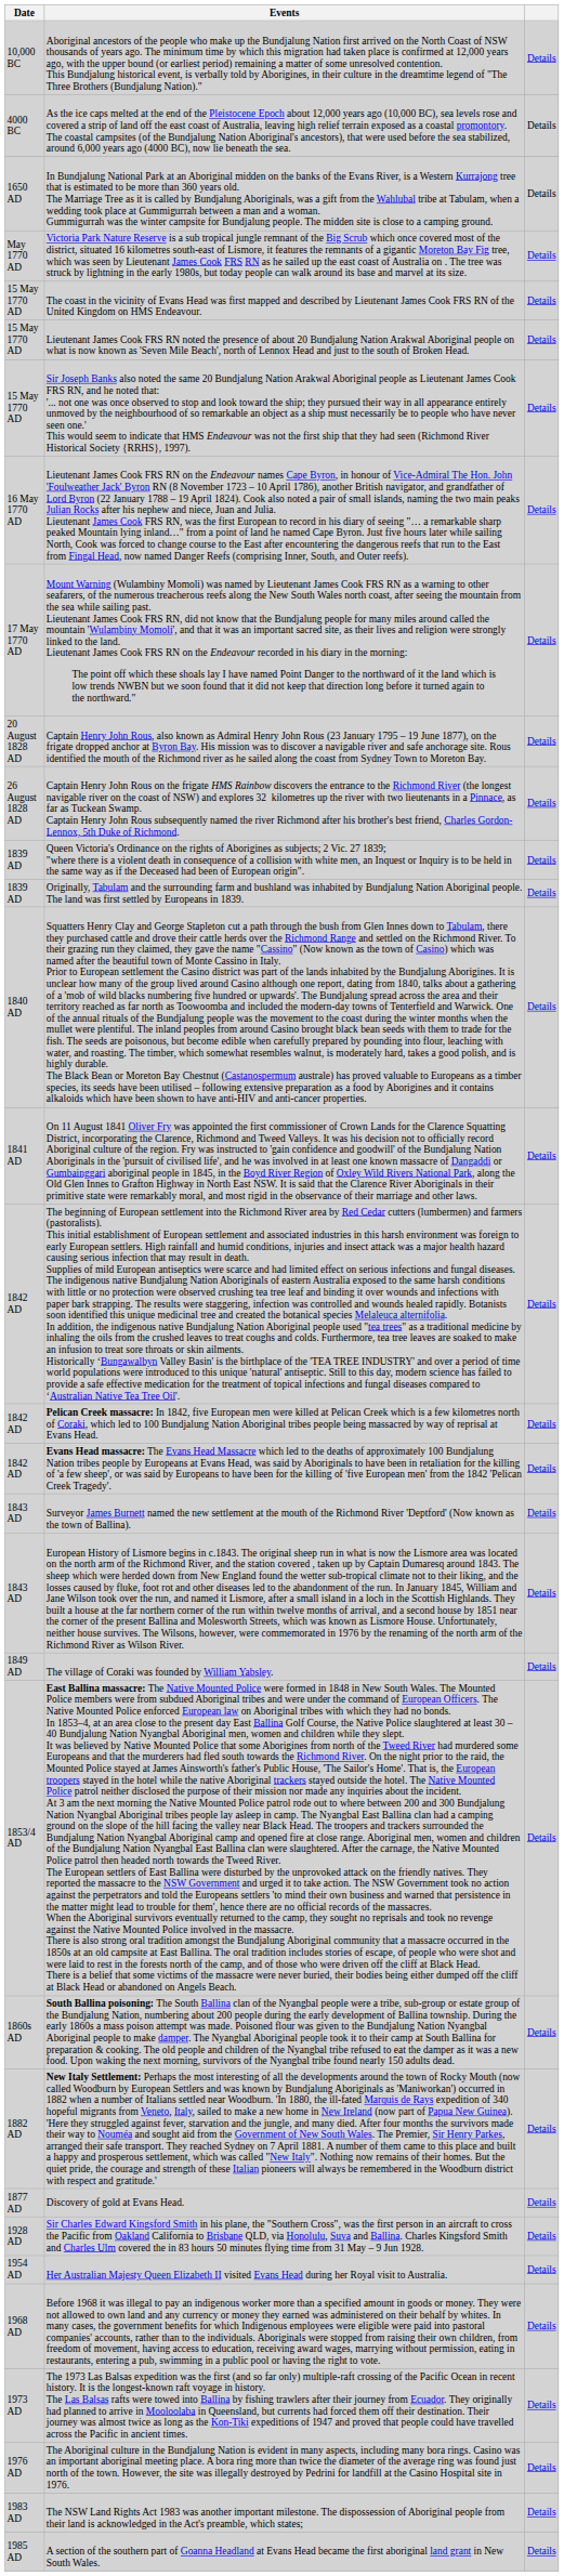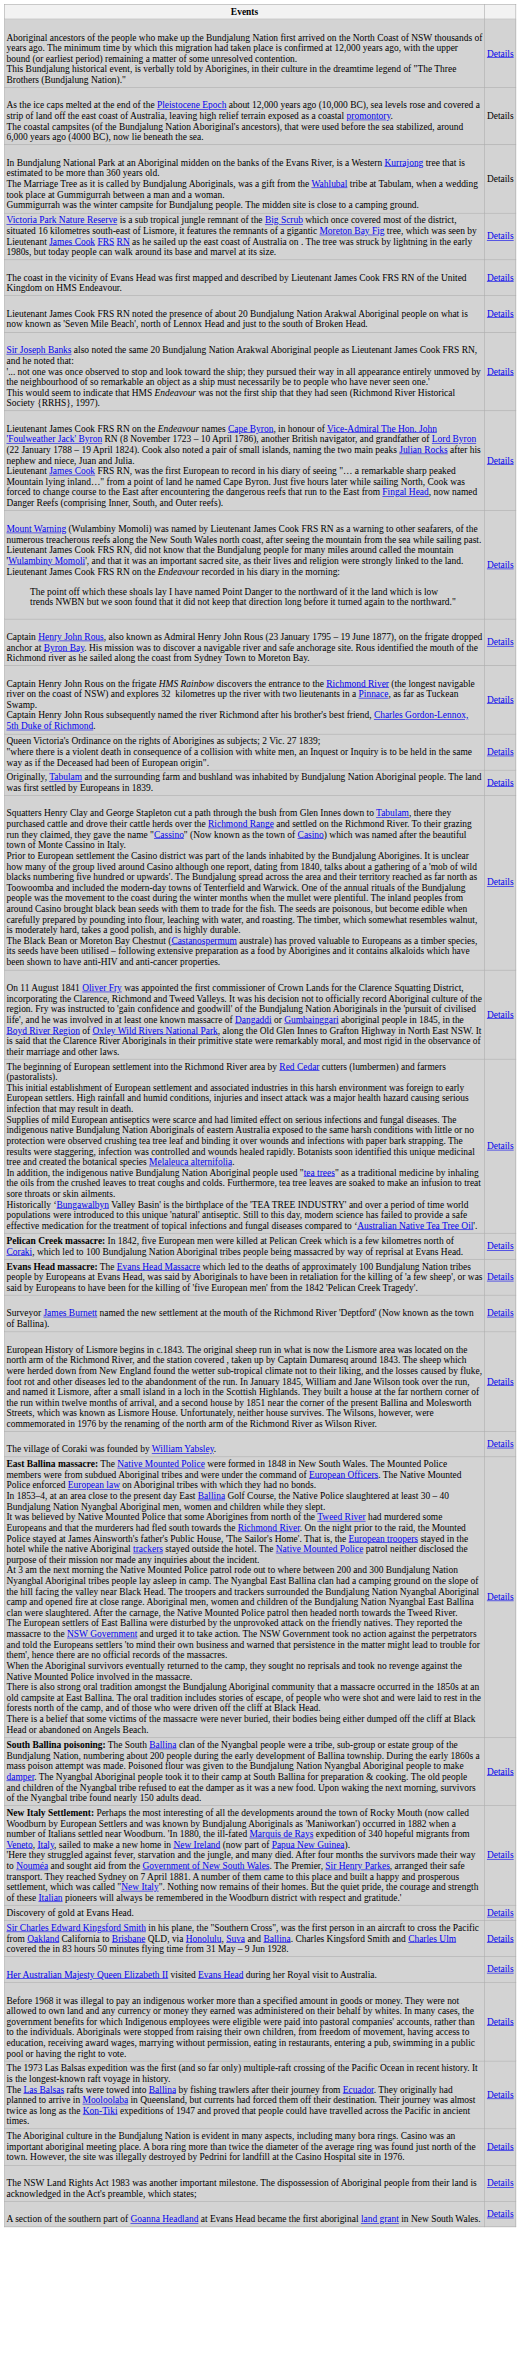 <table class="wikitable">
 <tr>
-<th>Date</th>
 <th>Events</th>
 <th></th>
 </tr>
 <tr style="background:lightgrey">
-<td>10,000 BC</td>
 <td><br>Aboriginal ancestors of the people who make up the Bundjalung Nation first arrived on the North Coast of NSW thousands of years ago. The minimum time by which this migration had taken place is confirmed at 12,000 years ago, with the upper bound (or earliest period) remaining a matter of some unresolved contention.<br>This Bundjalung historical event, is verbally told by Aborigines, in their culture in the dreamtime legend of "The Three Brothers (Bundjalung Nation)."</td>
 <td><a href='#'>Details</a></td>
 </tr>
 <tr style="background:lightgrey">
-<td>4000 BC</td>
 <td><br>As the ice caps melted at the end of the <a href='#'>Pleistocene Epoch</a> about 12,000 years ago (10,000 BC), sea levels rose and covered a strip of land off the east coast of Australia, leaving high relief terrain exposed as a coastal <a href='#'>promontory</a>.<br>The coastal campsites (of the Bundjalung Nation Aboriginal's ancestors), that were used before the sea stabilized, around 6,000 years ago (4000 BC), now lie beneath the sea.</td>
 <td>Details</td>
 </tr>
 <tr style="background:lightgrey">
-<td>1650 AD</td>
 <td><br>In Bundjalung National Park at an Aboriginal midden on the banks of the Evans River, is a Western <a href='#'>Kurrajong</a> tree that is estimated to be more than 360 years old.<br>The Marriage Tree as it is called by Bundjalung Aboriginals, was a gift from the <a href='#'>Wahlubal</a> tribe at Tabulam, when a wedding took place at Gummigurrah between a man and a woman.<br>Gummigurrah was the winter campsite for Bundjalung people. The midden site is close to a camping ground.</td>
 <td>Details</td>
 </tr>
 <tr style="background:lightgrey">
-<td>May 1770 AD</td>
 <td><a href='#'>Victoria Park Nature Reserve</a> is a  sub tropical jungle remnant of the <a href='#'>Big Scrub</a> which once covered most of the district, situated 16 kilometres south-east of Lismore, it features the remnants of a gigantic <a href='#'>Moreton Bay Fig</a> tree, which was seen by Lieutenant <a href='#'>James Cook</a> <a href='#'>FRS</a> <a href='#'>RN</a> as he sailed up the east coast of Australia on . The tree was struck by lightning in the early 1980s, but today people can walk around its base and marvel at its size.</td>
 <td><a href='#'>Details</a></td>
 </tr>
 <tr style="background:lightgrey">
-<td>15 May 1770 AD</td>
 <td><br>The coast in the vicinity of Evans Head was first mapped and described by Lieutenant James Cook FRS RN of the United Kingdom on HMS Endeavour.</td>
 <td><a href='#'>Details</a></td>
 </tr>
 <tr style="background:lightgrey">
-<td>15 May 1770 AD</td>
 <td><br>Lieutenant James Cook FRS RN noted the presence of about 20 Bundjalung Nation Arakwal Aboriginal people on what is now known as 'Seven Mile Beach', north of Lennox Head and just to the south of Broken Head.</td>
 <td><a href='#'>Details</a></td>
 </tr>
 <tr style="background:lightgrey">
-<td>15 May 1770 AD</td>
 <td><br><a href='#'>Sir Joseph Banks</a> also noted the same 20 Bundjalung Nation Arakwal Aboriginal people as Lieutenant James Cook FRS RN, and he noted that:<br>'... not one was once observed to stop and look toward the ship; they pursued their way in all appearance entirely unmoved by the neighbourhood of so remarkable an object as a ship must necessarily be to people who have never seen one.'<br>This would seem to indicate that HMS <em>Endeavour</em> was not the first ship that they had seen (Richmond River Historical Society {RRHS}, 1997).</td>
 <td><a href='#'>Details</a></td>
 </tr>
 <tr style="background:lightgrey">
-<td>16 May 1770 AD</td>
 <td><br>Lieutenant James Cook FRS RN on the <em>Endeavour</em> names <a href='#'>Cape Byron</a>, in honour of <a href='#'>Vice-Admiral The Hon. John 'Foulweather Jack' Byron</a> RN (8 November 1723 – 10 April 1786), another British navigator, and grandfather of <a href='#'>Lord Byron</a> (22 January 1788 – 19 April 1824). Cook also noted a pair of small islands, naming the two main peaks <a href='#'>Julian Rocks</a> after his nephew and niece, Juan and Julia.<br>Lieutenant <a href='#'>James Cook</a> FRS RN, was the first European to record in his diary of seeing "… a remarkable sharp peaked Mountain lying inland…" from a point of land he named Cape Byron. Just five hours later while sailing North, Cook was forced to change course to the East after encountering the dangerous reefs that run  to the East from <a href='#'>Fingal Head</a>, now named Danger Reefs (comprising Inner, South, and Outer reefs).</td>
 <td><a href='#'>Details</a></td>
 </tr>
 <tr style="background:lightgrey">
-<td>17 May 1770 AD</td>
 <td><br><a href='#'>Mount Warning</a> (Wulambiny Momoli) was named by Lieutenant James Cook FRS RN as a warning to other seafarers, of the numerous treacherous reefs along the New South Wales north coast, after seeing the mountain from the sea while sailing past.<br>Lieutenant James Cook FRS RN, did not know that the Bundjalung people for many miles around called the mountain '<a href='#'>Wulambiny Momoli</a>', and that it was an important sacred site, as their lives and religion were strongly linked to the land.<br>Lieutenant James Cook FRS RN on the <em>Endeavour</em> recorded in his diary in the morning:<br><blockquote>The point off which these shoals lay I have named Point Danger to the northward of it the land which is low trends NWBN but we soon found that it did not keep that direction long before it turned again to the northward."</blockquote></td>
 <td><a href='#'>Details</a></td>
 </tr>
 <tr style="background:lightgrey">
-<td>20 August 1828 AD</td>
 <td><br>Captain <a href='#'>Henry John Rous</a>, also known as Admiral Henry John Rous (23 January 1795 – 19 June 1877), on the frigate  dropped anchor at <a href='#'>Byron Bay</a>. His mission was to discover a navigable river and safe anchorage site. Rous identified the mouth of the Richmond river as he sailed along the coast from Sydney Town to Moreton Bay.</td>
 <td><a href='#'>Details</a></td>
 </tr>
 <tr style="background:lightgrey">
-<td>26 August 1828 AD</td>
 <td><br>Captain Henry John Rous on the frigate <em>HMS Rainbow</em> discovers the entrance to the <a href='#'>Richmond River</a> (the longest navigable river on the coast of NSW) and explores 32  kilometres up the river with two lieutenants in a <a href='#'>Pinnace</a>, as far as Tuckean Swamp.<br>Captain Henry John Rous subsequently named the river Richmond after his brother's best friend, <a href='#'>Charles Gordon-Lennox, 5th Duke of Richmond</a>.</td>
 <td><a href='#'>Details</a></td>
 </tr>
 <tr style="background:lightgrey">
-<td>1839 AD</td>
 <td> Queen Victoria's Ordinance on the rights of Aborigines as subjects; 2 Vic. 27 1839;<br>"where there is a violent death in consequence of a collision with white men, an Inquest or Inquiry is to be held in the same way as if the Deceased had been of European origin".</td>
 <td><a href='#'>Details</a></td>
 </tr>
 <tr style="background:lightgrey">
-<td>1839 AD</td>
 <td>Originally, <a href='#'>Tabulam</a> and the surrounding farm and bushland was inhabited by Bundjalung Nation Aboriginal people. The land was first settled by Europeans in 1839.</td>
 <td><a href='#'>Details</a></td>
 </tr>
 <tr style="background:lightgrey">
-<td>1840 AD</td>
 <td><br>Squatters Henry Clay and George Stapleton cut a path through the bush from Glen Innes down to <a href='#'>Tabulam</a>, there they purchased cattle and drove their cattle herds over the <a href='#'>Richmond Range</a> and settled on the Richmond River. To their  grazing run they claimed, they gave the name "<a href='#'>Cassino</a>" (Now known as the town of <a href='#'>Casino</a>) which was named after the beautiful town of Monte Cassino in Italy.<br>Prior to European settlement the Casino district was part of the lands inhabited by the Bundjalung Aborigines. It is unclear how many of the group lived around Casino although one report, dating from 1840, talks about a gathering of a 'mob of wild blacks numbering five hundred or upwards'. The Bundjalung spread across the area and their territory reached as far north as Toowoomba and included the modern-day towns of Tenterfield and Warwick. One of the annual rituals of the Bundjalung people was the movement to the coast during the winter months when the mullet were plentiful. The inland peoples from around Casino brought black bean seeds with them to trade for the fish. The seeds are poisonous, but become edible when carefully prepared by pounding into flour, leaching with water, and roasting. The timber, which somewhat resembles walnut, is moderately hard, takes a good polish, and is highly durable.<br>The Black Bean or Moreton Bay Chestnut (<a href='#'>Castanospermum</a> australe) has proved valuable to Europeans as a timber species, its seeds have been utilised – following extensive preparation as a food by Aborigines and it contains alkaloids which have been shown to have anti-HIV and anti-cancer properties.</td>
 <td><a href='#'>Details</a></td>
 </tr>
 <tr style="background:lightgrey">
-<td>1841 AD</td>
 <td><br>On 11 August 1841 <a href='#'>Oliver Fry</a> was appointed the first commissioner of Crown Lands for the Clarence Squatting District, incorporating the Clarence, Richmond and Tweed Valleys. It was his decision not to officially record Aboriginal culture of the region. Fry was instructed to 'gain confidence and goodwill' of the Bundjalung Nation Aboriginals in the 'pursuit of civilised life', and he was involved in at least one known massacre of <a href='#'>Dangaddi</a> or <a href='#'>Gumbainggari</a> aboriginal people in 1845, in the <a href='#'>Boyd River Region</a> of <a href='#'>Oxley Wild Rivers National Park</a>, along the Old Glen Innes to Grafton Highway in North East NSW. It is said that the Clarence River Aboriginals in their primitive state were remarkably moral, and most rigid in the observance of their marriage and other laws.</td>
 <td><a href='#'>Details</a></td>
 </tr>
 <tr style="background:lightgrey">
-<td>1842 AD</td>
 <td>The beginning of European settlement into the Richmond River area by <a href='#'>Red Cedar</a> cutters (lumbermen) and farmers (pastoralists).<br> This initial establishment of European settlement and associated industries in this harsh environment was foreign to early European settlers. High rainfall and humid conditions, injuries and insect attack was a major health hazard causing serious infection that may result in death.<br>Supplies of mild European antiseptics were scarce and had limited effect on serious infections and fungal diseases. The indigenous native Bundjalung Nation Aboriginals of eastern Australia exposed to the same harsh conditions with little or no protection were observed crushing tea tree leaf and binding it over wounds and infections with paper bark strapping. The results were staggering, infection was controlled and wounds healed rapidly. Botanists soon identified this unique medicinal tree and created the botanical species <a href='#'>Melaleuca alternifolia</a>.<br>In addition, the indigenous native Bundjalung Nation Aboriginal people used "<a href='#'>tea trees</a>" as a traditional medicine by inhaling the oils from the crushed leaves to treat coughs and colds. Furthermore, tea tree leaves are soaked to make an infusion to treat sore throats or skin ailments.<br>Historically ‘<a href='#'>Bungawalbyn</a> Valley Basin' is the birthplace of the 'TEA TREE INDUSTRY' and over a period of time world populations were introduced to this unique 'natural' antiseptic. Still to this day, modern science has failed to provide a safe effective medication for the treatment of topical infections and fungal diseases compared to ‘<a href='#'>Australian Native Tea Tree Oil</a>'.</td>
 <td><a href='#'>Details</a></td>
 </tr>
 <tr style="background:lightgrey">
-<td>1842 AD</td>
 <td><strong>Pelican Creek massacre:</strong> In 1842, five European men were killed at Pelican Creek which is a few kilometres north of <a href='#'>Coraki</a>, which led to 100 Bundjalung Nation Aboriginal tribes people being massacred by way of reprisal at Evans Head.</td>
 <td><a href='#'>Details</a></td>
 </tr>
 <tr style="background:lightgrey">
-<td>1842 AD</td>
 <td><strong>Evans Head massacre:</strong> The <a href='#'>Evans Head Massacre</a> which led to the deaths of approximately 100 Bundjalung Nation tribes people by Europeans at Evans Head, was said by Aboriginals to have been in retaliation for the killing of 'a few sheep', or was said by Europeans to have been for the killing of 'five European men' from the 1842 'Pelican Creek Tragedy'.</td>
 <td><a href='#'>Details</a></td>
 </tr>
 <tr style="background:lightgrey">
-<td>1843 AD</td>
 <td><br>Surveyor <a href='#'>James Burnett</a> named the new settlement at the mouth of the Richmond River 'Deptford' (Now known as the town of Ballina).</td>
 <td><a href='#'>Details</a></td>
 </tr>
 <tr style="background:lightgrey">
-<td>1843 AD</td>
 <td><br>European History of Lismore begins in c.1843. The original sheep run in what is now the Lismore area was located on the north arm of the Richmond River, and the station covered , taken up by Captain Dumaresq around 1843. The sheep which were herded down from New England found the wetter sub-tropical climate not to their liking, and the losses caused by fluke, foot rot and other diseases led to the abandonment of the run. In January 1845, William and Jane Wilson took over the run, and named it Lismore, after a small island in a loch in the Scottish Highlands. They built a house at the far northern corner of the run within twelve months of arrival, and a second house by 1851 near the corner of the present Ballina and Molesworth Streets, which was known as Lismore House. Unfortunately, neither house survives. The Wilsons, however, were commemorated in 1976 by the renaming of the north arm of the Richmond River as Wilson River.</td>
 <td><a href='#'>Details</a></td>
 </tr>
 <tr style="background:lightgrey">
-<td>1849 AD</td>
 <td><br>The village of Coraki was founded by <a href='#'>William Yabsley</a>.</td>
 <td><a href='#'>Details</a></td>
 </tr>
 <tr style="background:lightgrey">
-<td>1853/4 AD</td>
 <td><strong>East Ballina massacre:</strong> The <a href='#'>Native Mounted Police</a> were formed in 1848 in New South Wales. The Mounted Police members were from subdued Aboriginal tribes and were under the command of <a href='#'>European Officers</a>. The Native Mounted Police enforced <a href='#'>European law</a> on Aboriginal tribes with which they had no bonds.<br>In 1853–4, at an area close to the present day East <a href='#'>Ballina</a> Golf Course, the Native Police slaughtered at least 30 – 40 Bundjalung Nation Nyangbal Aboriginal men, women and children while they slept.<br>It was believed by Native Mounted Police that some Aborigines from north of the <a href='#'>Tweed River</a> had murdered some Europeans and that the murderers had fled south towards the <a href='#'>Richmond River</a>. On the night prior to the raid, the Mounted Police stayed at James Ainsworth's father's Public House, 'The Sailor's Home'. That is, the <a href='#'>European troopers</a> stayed in the hotel while the native Aboriginal <a href='#'>trackers</a> stayed outside the hotel. The <a href='#'>Native Mounted Police</a> patrol neither disclosed the purpose of their mission nor made any inquiries about the incident.<br>At 3 am the next morning the Native Mounted Police patrol rode out to where between 200 and 300 Bundjalung Nation Nyangbal Aboriginal tribes people lay asleep in camp. The Nyangbal East Ballina clan had a camping ground on the slope of the hill facing the valley near Black Head. The troopers and trackers surrounded the Bundjalung Nation Nyangbal Aboriginal camp and opened fire at close range. Aboriginal men, women and children of the Bundjalung Nation Nyangbal East Ballina clan were slaughtered. After the carnage, the Native Mounted Police patrol then headed north towards the Tweed River.<br>The European settlers of East Ballina were disturbed by the unprovoked attack on the friendly natives. They reported the massacre to the <a href='#'>NSW Government</a> and urged it to take action. The NSW Government took no action against the perpetrators and told the Europeans settlers 'to mind their own business and warned that persistence in the matter might lead to trouble for them', hence there are no official records of the massacres.<br>When the Aboriginal survivors eventually returned to the camp, they sought no reprisals and took no revenge against the Native Mounted Police involved in the massacre.<br>There is also strong oral tradition amongst the Bundjalung Aboriginal community that a massacre occurred in the 1850s at an old campsite at East Ballina. The oral tradition includes stories of escape, of people who were shot and were laid to rest in the forests north of the camp, and of those who were driven off the cliff at Black Head.<br>There is a belief that some victims of the massacre were never buried, their bodies being either dumped off the cliff at Black Head or abandoned on Angels Beach.</td>
 <td><a href='#'>Details</a></td>
 </tr>
 <tr style="background:lightgrey">
-<td>1860s AD</td>
 <td><strong>South Ballina poisoning:</strong> The South <a href='#'>Ballina</a> clan of the Nyangbal people were a tribe, sub-group or estate group of the Bundjalung Nation, numbering about 200 people during the early development of Ballina township. During the early 1860s a mass poison attempt was made. Poisoned flour was given to the Bundjalung Nation Nyangbal Aboriginal people to make <a href='#'>damper</a>. The Nyangbal Aboriginal people took it to their camp at South Ballina for preparation & cooking. The old people and children of the Nyangbal tribe refused to eat the damper as it was a new food. Upon waking the next morning, survivors of the Nyangbal tribe found nearly 150 adults dead.</td>
 <td><a href='#'>Details</a></td>
 </tr>
 <tr style="background:lightgrey">
-<td>1882 AD</td>
 <td><strong>New Italy Settlement:</strong> Perhaps the most interesting of all the developments around the town of Rocky Mouth (now called Woodburn by European Settlers and was known by Bundjalung Aboriginals as 'Maniworkan') occurred in 1882 when a number of Italians settled near Woodburn. 'In 1880, the ill-fated <a href='#'>Marquis de Rays</a> expedition of 340 hopeful migrants from <a href='#'>Veneto</a>, <a href='#'>Italy</a>, sailed to make a new home in <a href='#'>New Ireland</a> (now part of <a href='#'>Papua New Guinea</a>).<br>'Here they struggled against fever, starvation and the jungle, and many died. After four months the survivors made their way to <a href='#'>Nouméa</a> and sought aid from the <a href='#'>Government of New South Wales</a>. The Premier, <a href='#'>Sir Henry Parkes</a>, arranged their safe transport. They reached Sydney on 7 April 1881. A number of them came to this place and built a happy and prosperous settlement, which was called "<a href='#'>New Italy</a>". Nothing now remains of their homes. But the quiet pride, the courage and strength of these <a href='#'>Italian</a> pioneers will always be remembered in the Woodburn district with respect and gratitude.'</td>
 <td><a href='#'>Details</a></td>
 </tr>
 <tr style="background:lightgrey">
-<td>1877 AD</td>
 <td>Discovery of gold at Evans Head.</td>
 <td><a href='#'>Details</a></td>
 </tr>
 <tr style="background:lightgrey">
-<td>1928 AD</td>
 <td> <a href='#'>Sir Charles Edward Kingsford Smith</a> in his plane, the "Southern Cross", was the first person in an aircraft to cross the Pacific from <a href='#'>Oakland</a> California to <a href='#'>Brisbane</a> QLD, via <a href='#'>Honolulu</a>, <a href='#'>Suva</a> and <a href='#'>Ballina</a>. Charles Kingsford Smith and <a href='#'>Charles Ulm</a> covered the  in 83 hours 50 minutes flying time from 31 May – 9 Jun 1928.</td>
 <td><a href='#'>Details</a></td>
 </tr>
 <tr style="background:lightgrey">
-<td>1954 AD</td>
 <td><br><a href='#'>Her Australian Majesty Queen Elizabeth II</a> visited <a href='#'>Evans Head</a> during her Royal visit to Australia.</td>
 <td><a href='#'>Details</a></td>
 </tr>
 <tr style="background:lightgrey">
-<td>1968 AD</td>
 <td><br>Before 1968 it was illegal to pay an indigenous worker more than a specified amount in goods or money. They were not allowed to own land and any currency or money they earned was administered on their behalf by whites. In many cases, the government benefits for which Indigenous employees were eligible were paid into pastoral companies' accounts, rather than to the individuals. Aboriginals were stopped from raising their own children, from freedom of movement, having access to education, receiving award wages, marrying without permission, eating in restaurants, entering a pub, swimming in a public pool or having the right to vote.</td>
 <td><a href='#'>Details</a></td>
 </tr>
 <tr style="background:lightgrey">
-<td>1973 AD</td>
 <td>The 1973 Las Balsas expedition was the first (and so far only) multiple-raft crossing of the Pacific Ocean in recent history. It is the longest-known raft voyage in history.<br>The <a href='#'>Las Balsas</a> rafts were towed into <a href='#'>Ballina</a> by fishing trawlers after their journey from <a href='#'>Ecuador</a>. They originally had planned to arrive in <a href='#'>Mooloolaba</a> in Queensland, but currents had forced them off their destination. Their journey was almost twice as long as the <a href='#'>Kon-Tiki</a> expeditions of 1947 and proved that people could have travelled across the Pacific in ancient times.</td>
 <td><a href='#'>Details</a></td>
 </tr>
 <tr style="background:lightgrey">
-<td>1976 AD</td>
 <td>The Aboriginal culture in the Bundjalung Nation is evident in many aspects, including many bora rings. Casino was an important aboriginal meeting place. A bora ring more than twice the diameter of the average ring was found just north of the town. However, the site was illegally destroyed by Pedrini for landfill at the Casino Hospital site in 1976.</td>
 <td><a href='#'>Details</a></td>
 </tr>
 <tr style="background:lightgrey">
-<td>1983 AD</td>
 <td><br>The NSW Land Rights Act 1983 was another important milestone. The dispossession of Aboriginal people from their land is acknowledged in the Act's preamble, which states; </td>
 <td><a href='#'>Details</a></td>
 </tr>
 <tr style="background:lightgrey">
-<td>1985 AD</td>
 <td><br>A  section of the southern part of <a href='#'>Goanna Headland</a> at Evans Head became the first aboriginal <a href='#'>land grant</a> in New South Wales.</td>
 <td><a href='#'>Details</a></td>
 </tr>
 </table>
